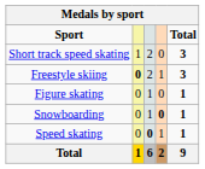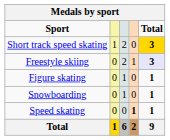 <table class="wikitable" style="font-size:85%;float:right">
 <tr style="background:#efefef;">
 <th colspan=5>Medals by sport</th>
 </tr>
 <tr align=center>
 <td><strong>Sport</strong></td>
 <td bgcolor=#f7f6a8></td>
 <td bgcolor=#dce5e5></td>
 <td bgcolor=#ffdab9></td>
 <td><strong>Total</strong></td>
 </tr>
 <tr align=center>
 <td><a href='#'>Short track speed skating</a></td>
 <td style="background:#F7F6A8;">1</td>
 <td style="background:#DCE5E5;">2</td>
 <td style="background:#FFDAB9;">0</td>
-<td><strong>3</strong></td>
+<td style="background: gold;"><strong>3</strong></td>
 </tr>
 <tr align=center>
 <td><a href='#'>Freestyle skiing</a></td>
-<td style="background:#F7F6A8;"><strong>0</strong></td>
+<td style="background:#F7F6A8;">0</td>
 <td style="background:#DCE5E5;">2</td>
 <td style="background:#FFDAB9;">1</td>
-<td><strong>3</strong></td>
+<td style="background: lavender;"><strong>3</strong></td>
 </tr>
 <tr align=center>
 <td><a href='#'>Figure skating</a></td>
 <td style="background:#F7F6A8;">0</td>
 <td style="background:#DCE5E5;">1</td>
 <td style="background:#FFDAB9;">0</td>
 <td><strong>1</strong></td>
 </tr>
 <tr align=center>
 <td><a href='#'>Snowboarding</a></td>
 <td style="background:#F7F6A8;">0</td>
 <td style="background:#DCE5E5;">1</td>
-<td style="background:#FFDAB9;"><strong>0</strong></td>
+<td style="background:#FFDAB9;">0</td>
 <td><strong>1</strong></td>
 </tr>
 <tr align=center>
 <td><a href='#'>Speed skating</a></td>
 <td style="background:#F7F6A8;">0</td>
-<td style="background:#DCE5E5;"><strong>0</strong></td>
-<td style="background:#FFDAB9;">1</td>
+<td style="background:#DCE5E5;">0</td>
+<td style="background:#FFDAB9;"><strong>1</strong></td>
 <td><strong>1</strong></td>
 </tr>
 <tr align=center>
 <th>Total</th>
 <th style="background:gold;">1</th>
 <th style="background:silver;">6</th>
 <th style="background:#c96;">2</th>
 <th>9</th>
 </tr>
 </table>
